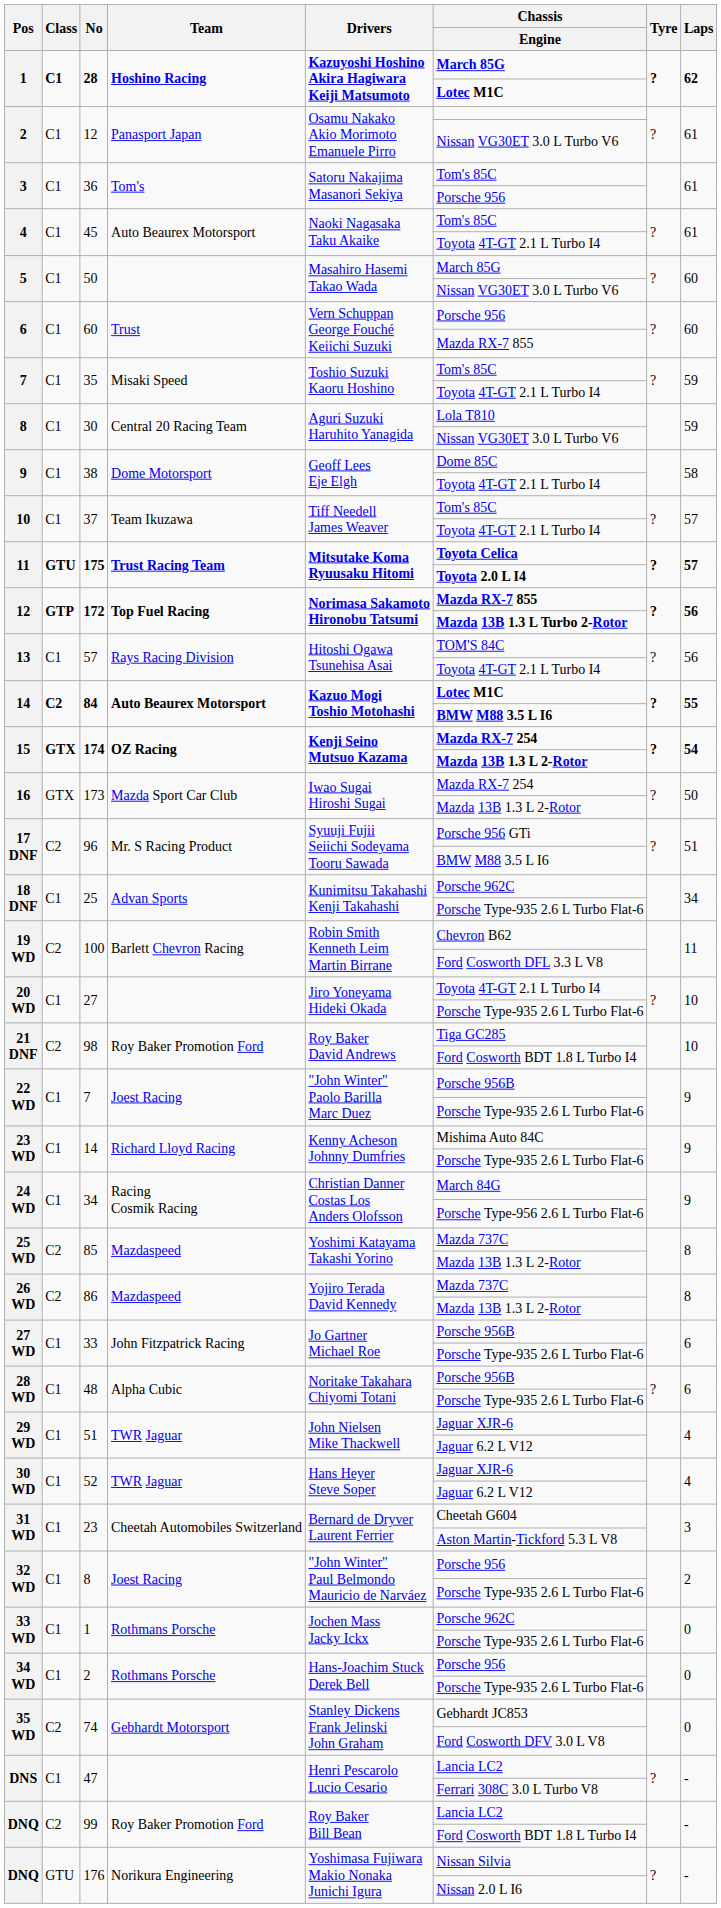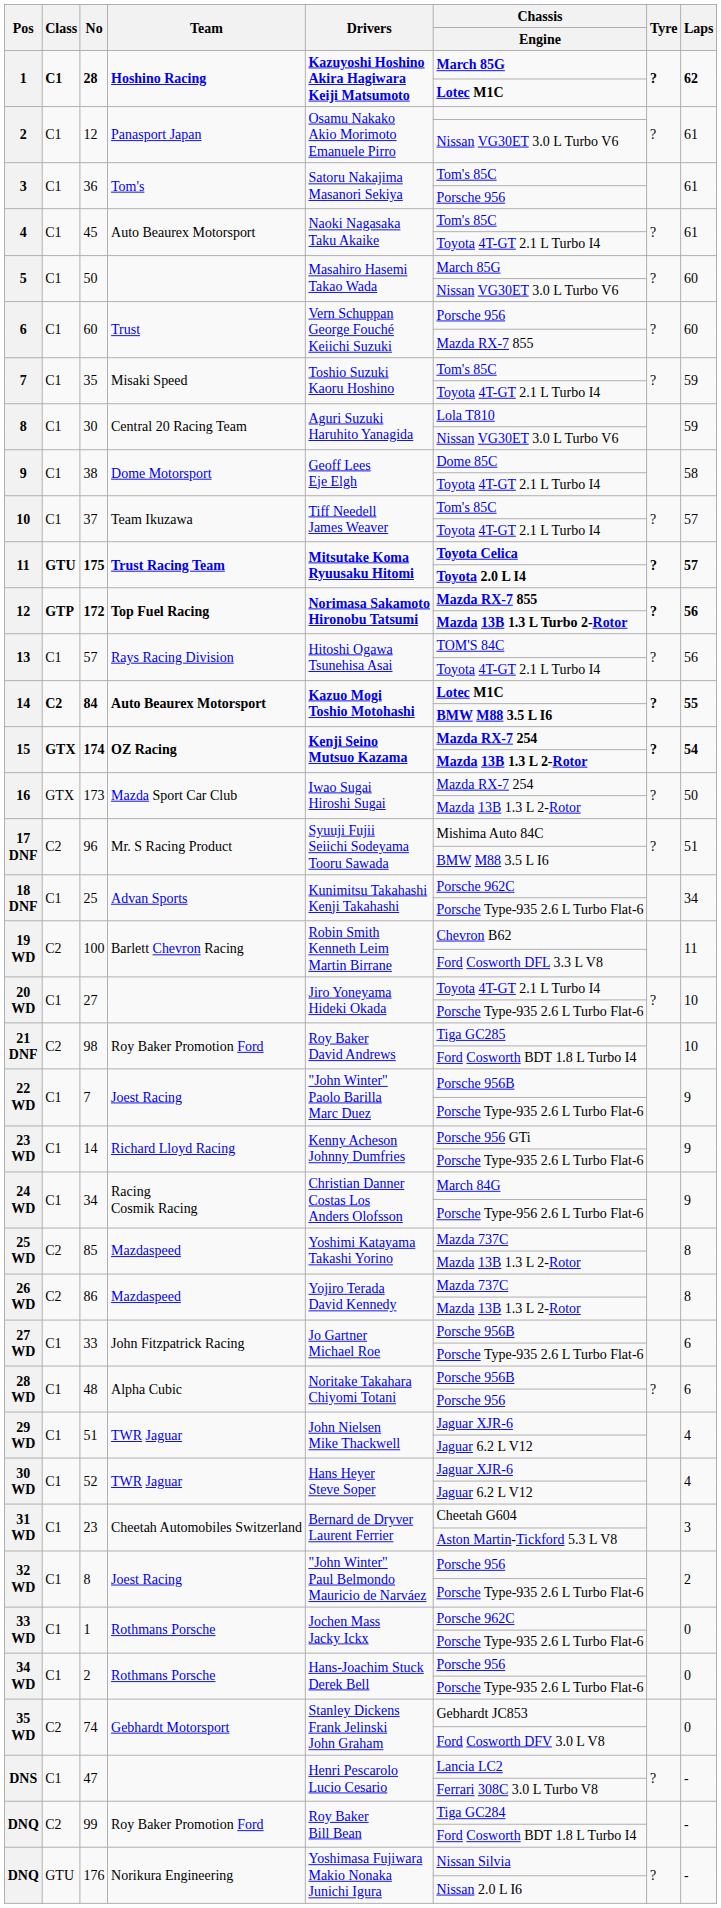 <table class="wikitable" style="font-size: 95%;">
 <tr>
 <th rowspan=2>Pos</th>
 <th rowspan=2>Class</th>
 <th rowspan=2>No</th>
 <th rowspan=2>Team</th>
 <th rowspan=2>Drivers</th>
 <th>Chassis</th>
 <th rowspan=2>Tyre</th>
 <th rowspan=2>Laps</th>
 </tr>
 <tr>
 <th>Engine</th>
 </tr>
 <tr style="font-weight:bold">
 <th rowspan=2>1</th>
 <td rowspan=2>C1</td>
 <td rowspan=2>28</td>
 <td rowspan=2> <a href='#'>Hoshino Racing</a></td>
 <td rowspan=2> <a href='#'>Kazuyoshi Hoshino</a><br> <a href='#'>Akira Hagiwara</a><br> <a href='#'>Keiji Matsumoto</a></td>
 <td><a href='#'>March 85G</a></td>
 <td rowspan=2>?</td>
 <td rowspan=2>62</td>
 </tr>
 <tr style="font-weight:bold">
 <td><a href='#'>Lotec</a> M1C</td>
 </tr>
 <tr>
 <th rowspan=2>2</th>
 <td rowspan=2>C1</td>
 <td rowspan=2>12</td>
 <td rowspan=2> <a href='#'>Panasport Japan</a></td>
 <td rowspan=2> <a href='#'>Osamu Nakako</a><br> <a href='#'>Akio Morimoto</a><br> <a href='#'>Emanuele Pirro</a></td>
 <td></td>
 <td rowspan=2>?</td>
 <td rowspan=2>61</td>
 </tr>
 <tr>
 <td><a href='#'>Nissan</a> <a href='#'>VG30ET</a> 3.0 L Turbo V6</td>
 </tr>
 <tr>
 <th rowspan=2>3</th>
 <td rowspan=2>C1</td>
 <td rowspan=2>36</td>
 <td rowspan=2> <a href='#'>Tom's</a></td>
 <td rowspan=2> <a href='#'>Satoru Nakajima</a><br> <a href='#'>Masanori Sekiya</a></td>
 <td><a href='#'>Tom's 85C</a></td>
 <td rowspan=2></td>
 <td rowspan=2>61</td>
 </tr>
 <tr>
 <td><a href='#'>Porsche 956</a></td>
 </tr>
 <tr>
 <th rowspan=2>4</th>
 <td rowspan=2>C1</td>
 <td rowspan=2>45</td>
 <td rowspan=2> Auto Beaurex Motorsport</td>
 <td rowspan=2> <a href='#'>Naoki Nagasaka</a><br> <a href='#'>Taku Akaike</a></td>
 <td><a href='#'>Tom's 85C</a></td>
 <td rowspan=2>?</td>
 <td rowspan=2>61</td>
 </tr>
 <tr>
 <td><a href='#'>Toyota</a> <a href='#'>4T-GT</a> 2.1 L Turbo I4</td>
 </tr>
 <tr>
 <th rowspan=2>5</th>
 <td rowspan=2>C1</td>
 <td rowspan=2>50</td>
 <td rowspan=2> </td>
 <td rowspan=2> <a href='#'>Masahiro Hasemi</a><br> <a href='#'>Takao Wada</a></td>
 <td><a href='#'>March 85G</a></td>
 <td rowspan=2>?</td>
 <td rowspan=2>60</td>
 </tr>
 <tr>
 <td><a href='#'>Nissan</a> <a href='#'>VG30ET</a> 3.0 L Turbo V6</td>
 </tr>
 <tr>
 <th rowspan=2>6</th>
 <td rowspan=2>C1</td>
 <td rowspan=2>60</td>
 <td rowspan=2> <a href='#'>Trust</a> </td>
 <td rowspan=2> <a href='#'>Vern Schuppan</a><br> <a href='#'>George Fouché</a><br> <a href='#'>Keiichi Suzuki</a></td>
 <td><a href='#'>Porsche 956</a></td>
 <td rowspan=2>?</td>
 <td rowspan=2>60</td>
 </tr>
 <tr>
 <td><a href='#'>Mazda RX-7</a> 855</td>
 </tr>
 <tr>
 <th rowspan=2>7</th>
 <td rowspan=2>C1</td>
 <td rowspan=2>35</td>
 <td rowspan=2> Misaki Speed</td>
 <td rowspan=2> <a href='#'>Toshio Suzuki</a><br> <a href='#'>Kaoru Hoshino</a></td>
 <td><a href='#'>Tom's 85C</a></td>
 <td rowspan=2>?</td>
 <td rowspan=2>59</td>
 </tr>
 <tr>
 <td><a href='#'>Toyota</a> <a href='#'>4T-GT</a> 2.1 L Turbo I4</td>
 </tr>
 <tr>
 <th rowspan=2>8</th>
 <td rowspan=2>C1</td>
 <td rowspan=2>30</td>
 <td rowspan=2> Central 20 Racing Team</td>
 <td rowspan=2> <a href='#'>Aguri Suzuki</a><br> <a href='#'>Haruhito Yanagida</a></td>
 <td><a href='#'>Lola T810</a></td>
 <td rowspan=2></td>
 <td rowspan=2>59</td>
 </tr>
 <tr>
 <td><a href='#'>Nissan</a> <a href='#'>VG30ET</a> 3.0 L Turbo V6</td>
 </tr>
 <tr>
 <th rowspan=2>9</th>
 <td rowspan=2>C1</td>
 <td rowspan=2>38</td>
 <td rowspan=2> <a href='#'>Dome Motorsport</a></td>
 <td rowspan=2> <a href='#'>Geoff Lees</a><br> <a href='#'>Eje Elgh</a></td>
 <td><a href='#'>Dome 85C</a></td>
 <td rowspan=2></td>
 <td rowspan=2>58</td>
 </tr>
 <tr>
 <td><a href='#'>Toyota</a> <a href='#'>4T-GT</a> 2.1 L Turbo I4</td>
 </tr>
 <tr>
 <th rowspan=2>10</th>
 <td rowspan=2>C1</td>
 <td rowspan=2>37</td>
 <td rowspan=2> Team Ikuzawa</td>
 <td rowspan=2> <a href='#'>Tiff Needell</a><br> <a href='#'>James Weaver</a></td>
 <td><a href='#'>Tom's 85C</a></td>
 <td rowspan=2>?</td>
 <td rowspan=2>57</td>
 </tr>
 <tr>
 <td><a href='#'>Toyota</a> <a href='#'>4T-GT</a> 2.1 L Turbo I4</td>
 </tr>
 <tr style="font-weight:bold">
 <th rowspan=2>11</th>
 <td rowspan=2>GTU</td>
 <td rowspan=2>175</td>
 <td rowspan=2> <a href='#'>Trust Racing Team</a></td>
 <td rowspan=2> <a href='#'>Mitsutake Koma</a><br> <a href='#'>Ryuusaku Hitomi</a></td>
 <td><a href='#'>Toyota Celica</a></td>
 <td rowspan=2>?</td>
 <td rowspan=2>57</td>
 </tr>
 <tr style="font-weight:bold">
 <td><a href='#'>Toyota</a> 2.0 L I4</td>
 </tr>
 <tr style="font-weight:bold">
 <th rowspan=2>12</th>
 <td rowspan=2>GTP</td>
 <td rowspan=2>172</td>
 <td rowspan=2> Top Fuel Racing</td>
 <td rowspan=2> <a href='#'>Norimasa Sakamoto</a><br> <a href='#'>Hironobu Tatsumi</a></td>
 <td><a href='#'>Mazda RX-7</a> 855</td>
 <td rowspan=2>?</td>
 <td rowspan=2>56</td>
 </tr>
 <tr style="font-weight:bold">
 <td><a href='#'>Mazda</a> <a href='#'>13B</a> 1.3 L Turbo 2-<a href='#'>Rotor</a></td>
 </tr>
 <tr>
 <th rowspan=2>13</th>
 <td rowspan=2>C1</td>
 <td rowspan=2>57</td>
 <td rowspan=2> <a href='#'>Rays Racing Division</a></td>
 <td rowspan=2> <a href='#'>Hitoshi Ogawa</a><br> <a href='#'>Tsunehisa Asai</a></td>
 <td><a href='#'>TOM'S 84C</a></td>
 <td rowspan=2>?</td>
 <td rowspan=2>56</td>
 </tr>
 <tr>
 <td><a href='#'>Toyota</a> <a href='#'>4T-GT</a> 2.1 L Turbo I4</td>
 </tr>
 <tr style="font-weight:bold">
 <th rowspan=2>14</th>
 <td rowspan=2>C2</td>
 <td rowspan=2>84</td>
 <td rowspan=2> Auto Beaurex Motorsport</td>
 <td rowspan=2> <a href='#'>Kazuo Mogi</a><br> <a href='#'>Toshio Motohashi</a></td>
 <td><a href='#'>Lotec</a> M1C</td>
 <td rowspan=2>?</td>
 <td rowspan=2>55</td>
 </tr>
 <tr style="font-weight:bold">
 <td><a href='#'>BMW</a> <a href='#'>M88</a> 3.5 L I6</td>
 </tr>
 <tr style="font-weight:bold">
 <th rowspan=2>15</th>
 <td rowspan=2>GTX</td>
 <td rowspan=2>174</td>
 <td rowspan=2> OZ Racing</td>
 <td rowspan=2> <a href='#'>Kenji Seino</a><br> <a href='#'>Mutsuo Kazama</a></td>
 <td><a href='#'>Mazda RX-7</a> 254</td>
 <td rowspan=2>?</td>
 <td rowspan=2>54</td>
 </tr>
 <tr style="font-weight:bold">
 <td><a href='#'>Mazda</a> <a href='#'>13B</a> 1.3 L 2-<a href='#'>Rotor</a></td>
 </tr>
 <tr>
 <th rowspan=2>16</th>
 <td rowspan=2>GTX</td>
 <td rowspan=2>173</td>
 <td rowspan=2> <a href='#'>Mazda</a> Sport Car Club</td>
 <td rowspan=2> <a href='#'>Iwao Sugai</a><br> <a href='#'>Hiroshi Sugai</a></td>
 <td><a href='#'>Mazda RX-7</a> 254</td>
 <td rowspan=2>?</td>
 <td rowspan=2>50</td>
 </tr>
 <tr>
 <td><a href='#'>Mazda</a> <a href='#'>13B</a> 1.3 L 2-<a href='#'>Rotor</a></td>
 </tr>
 <tr>
 <th rowspan=2>17<br>DNF</th>
 <td rowspan=2>C2</td>
 <td rowspan=2>96</td>
 <td rowspan=2> Mr. S Racing Product</td>
 <td rowspan=2> <a href='#'>Syuuji Fujii</a><br> <a href='#'>Seiichi Sodeyama</a><br> <a href='#'>Tooru Sawada</a></td>
-<td><a href='#'>Porsche 956</a> GTi</td>
+<td>Mishima Auto 84C</td>
 <td rowspan=2>?</td>
 <td rowspan=2>51</td>
 </tr>
 <tr>
 <td><a href='#'>BMW</a> <a href='#'>M88</a> 3.5 L I6</td>
 </tr>
 <tr>
 <th rowspan=2>18<br>DNF</th>
 <td rowspan=2>C1</td>
 <td rowspan=2>25</td>
 <td rowspan=2> <a href='#'>Advan Sports</a> </td>
 <td rowspan=2> <a href='#'>Kunimitsu Takahashi</a><br> <a href='#'>Kenji Takahashi</a></td>
 <td><a href='#'>Porsche 962C</a></td>
 <td rowspan=2></td>
 <td rowspan=2>34</td>
 </tr>
 <tr>
 <td><a href='#'>Porsche</a> Type-935 2.6 L Turbo Flat-6</td>
 </tr>
 <tr>
 <th rowspan=2>19<br>WD</th>
 <td rowspan=2>C2</td>
 <td rowspan=2>100</td>
 <td rowspan=2> Barlett <a href='#'>Chevron</a> Racing</td>
 <td rowspan=2> <a href='#'>Robin Smith</a><br> <a href='#'>Kenneth Leim</a><br> <a href='#'>Martin Birrane</a></td>
 <td><a href='#'>Chevron</a> B62</td>
 <td rowspan=2></td>
 <td rowspan=2>11</td>
 </tr>
 <tr>
 <td><a href='#'>Ford</a> <a href='#'>Cosworth DFL</a> 3.3 L V8</td>
 </tr>
 <tr>
 <th rowspan=2>20<br>WD</th>
 <td rowspan=2>C1</td>
 <td rowspan=2>27</td>
 <td rowspan=2>  </td>
 <td rowspan=2> <a href='#'>Jiro Yoneyama</a><br> <a href='#'>Hideki Okada</a></td>
 <td><a href='#'>Toyota</a> <a href='#'>4T-GT</a> 2.1 L Turbo I4</td>
 <td rowspan=2>?</td>
 <td rowspan=2>10</td>
 </tr>
 <tr>
 <td><a href='#'>Porsche</a> Type-935 2.6 L Turbo Flat-6</td>
 </tr>
 <tr>
 <th rowspan=2>21<br>DNF</th>
 <td rowspan=2>C2</td>
 <td rowspan=2>98</td>
 <td rowspan=2> Roy Baker Promotion <a href='#'>Ford</a></td>
 <td rowspan=2> <a href='#'>Roy Baker</a><br> <a href='#'>David Andrews</a></td>
 <td><a href='#'>Tiga GC285</a></td>
 <td rowspan=2></td>
 <td rowspan=2>10</td>
 </tr>
 <tr>
 <td><a href='#'>Ford</a> <a href='#'>Cosworth</a> BDT 1.8 L Turbo I4</td>
 </tr>
 <tr>
 <th rowspan=2>22<br>WD</th>
 <td rowspan=2>C1</td>
 <td rowspan=2>7</td>
 <td rowspan=2>  <a href='#'>Joest Racing</a></td>
 <td rowspan=2> <a href='#'>"John Winter"</a><br> <a href='#'>Paolo Barilla</a><br> <a href='#'>Marc Duez</a></td>
 <td><a href='#'>Porsche 956B</a></td>
 <td rowspan=2></td>
 <td rowspan=2>9</td>
 </tr>
 <tr>
 <td><a href='#'>Porsche</a> Type-935 2.6 L Turbo Flat-6</td>
 </tr>
 <tr>
 <th rowspan=2>23<br>WD</th>
 <td rowspan=2>C1</td>
 <td rowspan=2>14</td>
 <td rowspan=2> <a href='#'>Richard Lloyd Racing</a></td>
 <td rowspan=2> <a href='#'>Kenny Acheson</a><br> <a href='#'>Johnny Dumfries</a></td>
-<td>Mishima Auto 84C</td>
+<td><a href='#'>Porsche 956</a> GTi</td>
 <td rowspan=2></td>
 <td rowspan=2>9</td>
 </tr>
 <tr>
 <td><a href='#'>Porsche</a> Type-935 2.6 L Turbo Flat-6</td>
 </tr>
 <tr>
 <th rowspan=2>24<br>WD</th>
 <td rowspan=2>C1</td>
 <td rowspan=2>34</td>
 <td rowspan=2>  Racing<br> Cosmik Racing</td>
 <td rowspan=2> <a href='#'>Christian Danner</a><br> <a href='#'>Costas Los</a><br> <a href='#'>Anders Olofsson</a></td>
 <td><a href='#'>March 84G</a></td>
 <td rowspan=2></td>
 <td rowspan=2>9</td>
 </tr>
 <tr>
 <td><a href='#'>Porsche</a> Type-956 2.6 L Turbo Flat-6</td>
 </tr>
 <tr>
 <th rowspan=2>25<br>WD</th>
 <td rowspan=2>C2</td>
 <td rowspan=2>85</td>
 <td rowspan=2> <a href='#'>Mazdaspeed</a></td>
 <td rowspan=2> <a href='#'>Yoshimi Katayama</a><br> <a href='#'>Takashi Yorino</a></td>
 <td><a href='#'>Mazda 737C</a></td>
 <td rowspan=2></td>
 <td rowspan=2>8</td>
 </tr>
 <tr>
 <td><a href='#'>Mazda</a> <a href='#'>13B</a> 1.3 L 2-<a href='#'>Rotor</a></td>
 </tr>
 <tr>
 <th rowspan=2>26<br>WD</th>
 <td rowspan=2>C2</td>
 <td rowspan=2>86</td>
 <td rowspan=2> <a href='#'>Mazdaspeed</a></td>
 <td rowspan=2> <a href='#'>Yojiro Terada</a><br> <a href='#'>David Kennedy</a></td>
 <td><a href='#'>Mazda 737C</a></td>
 <td rowspan=2></td>
 <td rowspan=2>8</td>
 </tr>
 <tr>
 <td><a href='#'>Mazda</a> <a href='#'>13B</a> 1.3 L 2-<a href='#'>Rotor</a></td>
 </tr>
 <tr>
 <th rowspan=2>27<br>WD</th>
 <td rowspan=2>C1</td>
 <td rowspan=2>33</td>
 <td rowspan=2> John Fitzpatrick Racing</td>
 <td rowspan=2> <a href='#'>Jo Gartner</a><br> <a href='#'>Michael Roe</a></td>
 <td><a href='#'>Porsche 956B</a></td>
 <td rowspan=2></td>
 <td rowspan=2>6</td>
 </tr>
 <tr>
 <td><a href='#'>Porsche</a> Type-935 2.6 L Turbo Flat-6</td>
 </tr>
 <tr>
 <th rowspan=2>28<br>WD</th>
 <td rowspan=2>C1</td>
 <td rowspan=2>48</td>
 <td rowspan=2> Alpha Cubic </td>
 <td rowspan=2> <a href='#'>Noritake Takahara</a><br> <a href='#'>Chiyomi Totani</a></td>
 <td><a href='#'>Porsche 956B</a></td>
 <td rowspan=2>?</td>
 <td rowspan=2>6</td>
 </tr>
 <tr>
-<td><a href='#'>Porsche</a> Type-935 2.6 L Turbo Flat-6</td>
+<td><a href='#'>Porsche 956</a></td>
 </tr>
 <tr>
 <th rowspan=2>29<br>WD</th>
 <td rowspan=2>C1</td>
 <td rowspan=2>51</td>
 <td rowspan=2> <a href='#'>TWR</a> <a href='#'>Jaguar</a></td>
 <td rowspan=2> <a href='#'>John Nielsen</a><br> <a href='#'>Mike Thackwell</a></td>
 <td><a href='#'>Jaguar XJR-6</a></td>
 <td rowspan=2></td>
 <td rowspan=2>4</td>
 </tr>
 <tr>
 <td><a href='#'>Jaguar</a> 6.2 L V12</td>
 </tr>
 <tr>
 <th rowspan=2>30<br>WD</th>
 <td rowspan=2>C1</td>
 <td rowspan=2>52</td>
 <td rowspan=2> <a href='#'>TWR</a> <a href='#'>Jaguar</a></td>
 <td rowspan=2> <a href='#'>Hans Heyer</a><br> <a href='#'>Steve Soper</a></td>
 <td><a href='#'>Jaguar XJR-6</a></td>
 <td rowspan=2></td>
 <td rowspan=2>4</td>
 </tr>
 <tr>
 <td><a href='#'>Jaguar</a> 6.2 L V12</td>
 </tr>
 <tr>
 <th rowspan=2>31<br>WD</th>
 <td rowspan=2>C1</td>
 <td rowspan=2>23</td>
 <td rowspan=2> Cheetah Automobiles Switzerland</td>
 <td rowspan=2> <a href='#'>Bernard de Dryver</a><br> <a href='#'>Laurent Ferrier</a></td>
 <td>Cheetah G604</td>
 <td rowspan=2></td>
 <td rowspan=2>3</td>
 </tr>
 <tr>
 <td><a href='#'>Aston Martin</a>-<a href='#'>Tickford</a> 5.3 L V8</td>
 </tr>
 <tr>
 <th rowspan=2>32<br>WD</th>
 <td rowspan=2>C1</td>
 <td rowspan=2>8</td>
 <td rowspan=2>  <a href='#'>Joest Racing</a></td>
 <td rowspan=2> <a href='#'>"John Winter"</a><br> <a href='#'>Paul Belmondo</a><br> <a href='#'>Mauricio de Narváez</a></td>
 <td><a href='#'>Porsche 956</a></td>
 <td rowspan=2></td>
 <td rowspan=2>2</td>
 </tr>
 <tr>
 <td><a href='#'>Porsche</a> Type-935 2.6 L Turbo Flat-6</td>
 </tr>
 <tr>
 <th rowspan=2>33<br>WD</th>
 <td rowspan=2>C1</td>
 <td rowspan=2>1</td>
 <td rowspan=2> <a href='#'>Rothmans Porsche</a></td>
 <td rowspan=2> <a href='#'>Jochen Mass</a><br> <a href='#'>Jacky Ickx</a></td>
 <td><a href='#'>Porsche 962C</a></td>
 <td rowspan=2></td>
 <td rowspan=2>0</td>
 </tr>
 <tr>
 <td><a href='#'>Porsche</a> Type-935 2.6 L Turbo Flat-6</td>
 </tr>
 <tr>
 <th rowspan=2>34<br>WD</th>
 <td rowspan=2>C1</td>
 <td rowspan=2>2</td>
 <td rowspan=2> <a href='#'>Rothmans Porsche</a></td>
 <td rowspan=2> <a href='#'>Hans-Joachim Stuck</a><br> <a href='#'>Derek Bell</a></td>
 <td><a href='#'>Porsche 956</a></td>
 <td rowspan=2></td>
 <td rowspan=2>0</td>
 </tr>
 <tr>
 <td><a href='#'>Porsche</a> Type-935 2.6 L Turbo Flat-6</td>
 </tr>
 <tr>
 <th rowspan=2>35<br>WD</th>
 <td rowspan=2>C2</td>
 <td rowspan=2>74</td>
 <td rowspan=2> <a href='#'>Gebhardt Motorsport</a></td>
 <td rowspan=2> <a href='#'>Stanley Dickens</a><br> <a href='#'>Frank Jelinski</a><br> <a href='#'>John Graham</a></td>
 <td>Gebhardt JC853</td>
 <td rowspan=2></td>
 <td rowspan=2>0</td>
 </tr>
 <tr>
 <td><a href='#'>Ford</a> <a href='#'>Cosworth DFV</a> 3.0 L V8</td>
 </tr>
 <tr>
 <th rowspan=2>DNS</th>
 <td rowspan=2>C1</td>
 <td rowspan=2>47</td>
 <td rowspan=2> </td>
 <td rowspan=2> <a href='#'>Henri Pescarolo</a><br> <a href='#'>Lucio Cesario</a></td>
 <td><a href='#'>Lancia LC2</a></td>
 <td rowspan=2>?</td>
 <td rowspan=2>-</td>
 </tr>
 <tr>
 <td><a href='#'>Ferrari</a> <a href='#'>308C</a> 3.0 L Turbo V8</td>
 </tr>
 <tr>
 <th rowspan=2>DNQ</th>
 <td rowspan=2>C2</td>
 <td rowspan=2>99</td>
 <td rowspan=2> Roy Baker Promotion <a href='#'>Ford</a></td>
 <td rowspan=2> <a href='#'>Roy Baker</a><br> <a href='#'>Bill Bean</a></td>
-<td><a href='#'>Lancia LC2</a></td>
+<td><a href='#'>Tiga GC284</a></td>
 <td rowspan=2></td>
 <td rowspan=2>-</td>
 </tr>
 <tr>
 <td><a href='#'>Ford</a> <a href='#'>Cosworth</a> BDT 1.8 L Turbo I4</td>
 </tr>
 <tr>
 <th rowspan=2>DNQ</th>
 <td rowspan=2>GTU</td>
 <td rowspan=2>176</td>
 <td rowspan=2> Norikura Engineering</td>
 <td rowspan=2> <a href='#'>Yoshimasa Fujiwara</a><br> <a href='#'>Makio Nonaka</a><br> <a href='#'>Junichi Igura</a></td>
 <td><a href='#'>Nissan Silvia</a></td>
 <td rowspan=2>?</td>
 <td rowspan=2>-</td>
 </tr>
 <tr>
 <td><a href='#'>Nissan</a> 2.0 L I6</td>
 </tr>
 </table>
